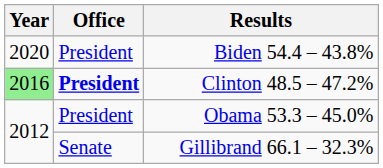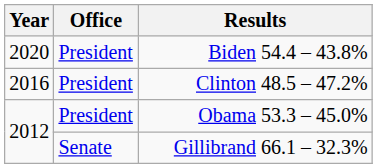 <table class=wikitable>
 <tr>
 <th width="30">Year</th>
 <th width="60">Office</th>
 <th width="180">Results</th>
 </tr>
 <tr>
 <td>2020</td>
 <td><a href='#'>President</a></td>
 <td align="right" ><a href='#'>Biden</a> 54.4 – 43.8%</td>
 </tr>
 <tr>
-<td style="background: lightgreen;">2016</td>
-<td><strong><a href='#'>President</a></strong></td>
+<td>2016</td>
+<td><a href='#'>President</a></td>
 <td align="right" ><a href='#'>Clinton</a> 48.5 – 47.2%</td>
 </tr>
 <tr>
 <td rowspan="2">2012</td>
 <td><a href='#'>President</a></td>
 <td align="right" ><a href='#'>Obama</a> 53.3 – 45.0%</td>
 </tr>
 <tr>
 <td><a href='#'>Senate</a></td>
 <td align="right" ><a href='#'>Gillibrand</a> 66.1 – 32.3%</td>
 </tr>
 </table>
